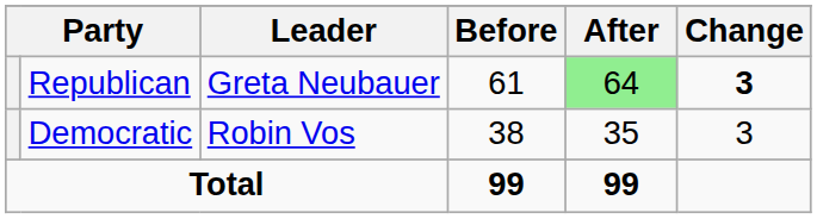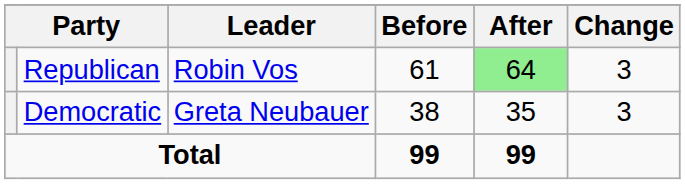 <table class="wikitable" style="text-align:center;">
 <tr>
 </tr>
 <tr>
 <th colspan=2>Party</th>
 <th>Leader</th>
 <th style="width:3em">Before</th>
 <th style="width:3em">After</th>
 <th style="width:3em">Change</th>
 </tr>
 <tr>
 <th style="background-color:"></th>
 <td style="text-align:left;"><a href='#'>Republican</a></td>
-<td style="text-align:left;"><a href='#'>Greta Neubauer</a></td>
+<td style="text-align:left;"><a href='#'>Robin Vos</a></td>
 <td>61</td>
 <td style="background: lightgreen;">64</td>
-<td><strong>3</strong></td>
+<td>3</td>
 </tr>
 <tr>
 <th style="background-color:"></th>
 <td style="text-align:left;"><a href='#'>Democratic</a></td>
-<td style="text-align:left;"><a href='#'>Robin Vos</a></td>
+<td style="text-align:left;"><a href='#'>Greta Neubauer</a></td>
 <td>38</td>
 <td>35</td>
 <td>3</td>
 </tr>
 <tr>
 <td colspan=3><strong>Total</strong></td>
 <td><strong>99</strong></td>
 <td><strong>99</strong></td>
 <td></td>
 </tr>
 </table>
